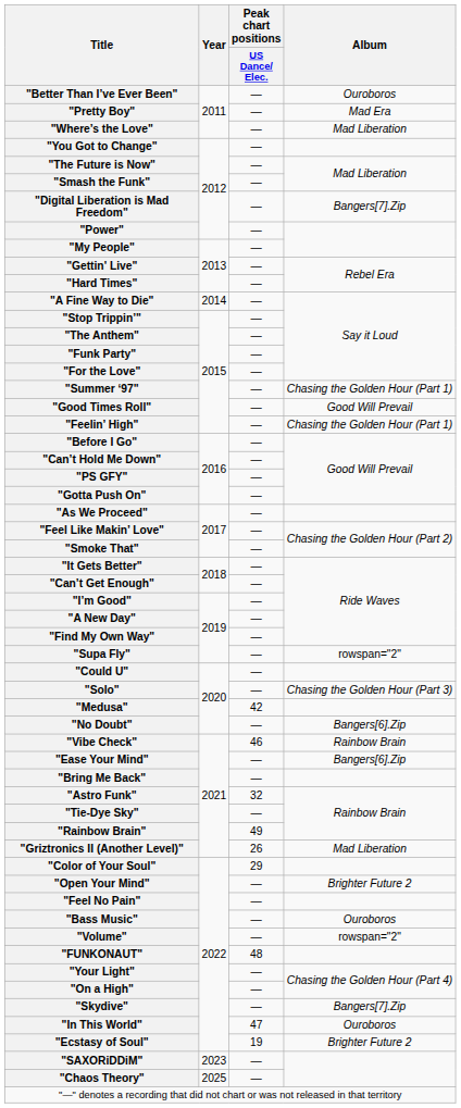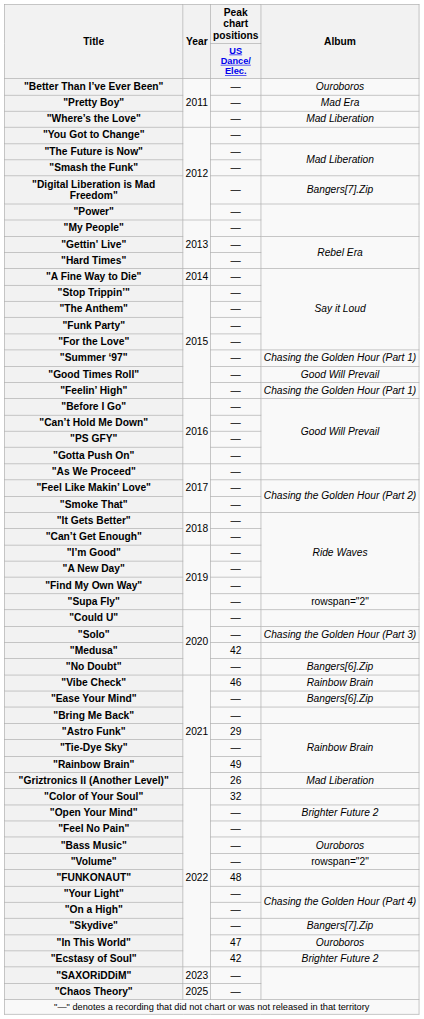 <table class="wikitable plainrowheaders" style="text-align:center;">
 <tr>
 <th scope="col" rowspan="2" style="width:17em;">Title</th>
 <th scope="col" rowspan="2" style="width:1em;">Year</th>
 <th scope="col" colspan="1">Peak chart positions</th>
 <th scope="col" rowspan="2" style="width:15em;">Album</th>
 </tr>
 <tr>
 <th scope="col" style="width:2.5em;font-size:90%;"><a href='#'>US<br>Dance/<br>Elec.</a><br></th>
 </tr>
 <tr>
 <th scope="row">"Better Than I’ve Ever Been"</th>
 <td rowspan="3">2011</td>
 <td>—</td>
 <td><em>Ouroboros</em></td>
 </tr>
 <tr>
 <th scope="row">"Pretty Boy"<br></th>
 <td>—</td>
 <td><em>Mad Era</em></td>
 </tr>
 <tr>
 <th scope="row">"Where’s the Love"</th>
 <td>—</td>
 <td><em>Mad Liberation</em></td>
 </tr>
 <tr>
 <th scope="row">"You Got to Change"</th>
 <td rowspan="5">2012</td>
 <td>—</td>
 <td></td>
 </tr>
 <tr>
 <th scope="row">"The Future is Now"</th>
 <td>—</td>
 <td rowspan="2"><em>Mad Liberation</em></td>
 </tr>
 <tr>
 <th scope="row">"Smash the Funk"</th>
 <td>—</td>
 </tr>
 <tr>
 <th scope="row">"Digital Liberation is Mad Freedom"<br></th>
 <td>—</td>
 <td><em>Bangers[7].Zip</em></td>
 </tr>
 <tr>
 <th scope="row">"Power"<br></th>
 <td>—</td>
 </tr>
 <tr>
 <th scope="row">"My People"<br></th>
 <td rowspan="3">2013</td>
 <td>—</td>
 </tr>
 <tr>
 <th scope="row">"Gettin' Live"</th>
 <td>—</td>
 <td rowspan="2"><em>Rebel Era</em></td>
 </tr>
 <tr>
 <th scope="row">"Hard Times"</th>
 <td>—</td>
 </tr>
 <tr>
 <th scope="row">"A Fine Way to Die"<br></th>
 <td>2014</td>
 <td>—</td>
 <td rowspan="5"><em>Say it Loud</em></td>
 </tr>
 <tr>
 <th scope="row">"Stop Trippin’"<br></th>
 <td rowspan="7">2015</td>
 <td>—</td>
 </tr>
 <tr>
 <th scope="row">"The Anthem"<br></th>
 <td>—</td>
 </tr>
 <tr>
 <th scope="row">"Funk Party"</th>
 <td>—</td>
 </tr>
 <tr>
 <th scope="row">"For the Love"<br></th>
 <td>—</td>
 </tr>
 <tr>
 <th scope="row">"Summer ‘97"<br></th>
 <td>—</td>
 <td><em>Chasing the Golden Hour (Part 1)</em></td>
 </tr>
 <tr>
 <th scope="row">"Good Times Roll"<br></th>
 <td>—</td>
 <td><em>Good Will Prevail</em></td>
 </tr>
 <tr>
 <th scope="row">"Feelin’ High"<br></th>
 <td>—</td>
 <td><em>Chasing the Golden Hour (Part 1)</em></td>
 </tr>
 <tr>
 <th scope="row">"Before I Go"<br></th>
 <td rowspan="4">2016</td>
 <td>—</td>
 <td rowspan="4"><em>Good Will Prevail</em></td>
 </tr>
 <tr>
 <th scope="row">"Can’t Hold Me Down"<br></th>
 <td>—</td>
 </tr>
 <tr>
 <th scope="row">"PS GFY"<br></th>
 <td>—</td>
 </tr>
 <tr>
 <th scope="row">"Gotta Push On"<br></th>
 <td>—</td>
 </tr>
 <tr>
 <th scope="row">"As We Proceed"<br></th>
 <td rowspan="3">2017</td>
 <td>—</td>
 <td></td>
 </tr>
 <tr>
 <th scope="row">"Feel Like Makin’ Love"<br></th>
 <td>—</td>
 <td rowspan="2"><em>Chasing the Golden Hour (Part 2)</em></td>
 </tr>
 <tr>
 <th scope="row">"Smoke That"<br></th>
 <td>—</td>
 </tr>
 <tr>
 <th scope="row">"It Gets Better"<br></th>
 <td rowspan="2">2018</td>
 <td>—</td>
 <td rowspan="5"><em>Ride Waves</em></td>
 </tr>
 <tr>
 <th scope="row">"Can’t Get Enough"</th>
 <td>—</td>
 </tr>
 <tr>
 <th scope="row">"I’m Good"</th>
 <td rowspan="4">2019</td>
 <td>—</td>
 </tr>
 <tr>
 <th scope="row">"A New Day"<br></th>
 <td>—</td>
 </tr>
 <tr>
 <th scope="row">"Find My Own Way"<br></th>
 <td>—</td>
 </tr>
 <tr>
 <th scope="row">"Supa Fly"<br></th>
 <td>—</td>
 <td>rowspan="2" </td>
 </tr>
 <tr>
 <th scope="row">"Could U"</th>
 <td rowspan="4">2020</td>
 <td>—</td>
 </tr>
 <tr>
 <th scope="row">"Solo"<br></th>
 <td>—</td>
 <td><em>Chasing the Golden Hour (Part 3)</em></td>
 </tr>
 <tr>
 <th scope="row">"Medusa"<br></th>
 <td>42</td>
 <td></td>
 </tr>
 <tr>
 <th scope="row">"No Doubt"<br></th>
 <td>—</td>
 <td><em>Bangers[6].Zip</em></td>
 </tr>
 <tr>
 <th scope="row">"Vibe Check"</th>
 <td rowspan="7">2021</td>
 <td>46</td>
 <td><em>Rainbow Brain</em></td>
 </tr>
 <tr>
 <th scope="row">"Ease Your Mind"<br></th>
 <td>—</td>
 <td><em>Bangers[6].Zip</em></td>
 </tr>
 <tr>
 <th scope="row">"Bring Me Back"<br></th>
 <td>—</td>
 </tr>
 <tr>
 <th scope="row">"Astro Funk"</th>
-<td>32</td>
+<td>29</td>
 <td rowspan="3"><em>Rainbow Brain</em></td>
 </tr>
 <tr>
 <th scope="row">"Tie-Dye Sky"</th>
 <td>—</td>
 </tr>
 <tr>
 <th scope="row">"Rainbow Brain"<br></th>
 <td>49</td>
 </tr>
 <tr>
 <th scope="row">"Griztronics II (Another Level)"<br></th>
 <td>26</td>
 <td><em>Mad Liberation</em></td>
 </tr>
 <tr>
 <th scope="row">"Color of Your Soul"<br></th>
 <td rowspan="11">2022</td>
-<td>29</td>
+<td>32</td>
 <td></td>
 </tr>
 <tr>
 <th scope="row">"Open Your Mind"<br></th>
 <td>—</td>
 <td><em>Brighter Future 2</em></td>
 </tr>
 <tr>
 <th scope="row">"Feel No Pain"</th>
 <td>—</td>
 <td></td>
 </tr>
 <tr>
 <th scope="row">"Bass Music"<br></th>
 <td>—</td>
 <td><em>Ouroboros</em></td>
 </tr>
 <tr>
 <th scope="row">"Volume"<br></th>
 <td>—</td>
 <td>rowspan="2" </td>
 </tr>
 <tr>
 <th scope="row">"FUNKONAUT"<br></th>
 <td>48</td>
 </tr>
 <tr>
 <th scope="row">"Your Light"</th>
 <td>—</td>
 <td rowspan="2"><em>Chasing the Golden Hour (Part 4)</em></td>
 </tr>
 <tr>
 <th scope="row">"On a High"</th>
 <td>—</td>
 </tr>
 <tr>
 <th scope="row">"Skydive"<br></th>
 <td>—</td>
 <td><em>Bangers[7].Zip</em></td>
 </tr>
 <tr>
 <th scope="row">"In This World"</th>
 <td>47</td>
 <td><em>Ouroboros</em></td>
 </tr>
 <tr>
 <th scope="row">"Ecstasy of Soul"<br></th>
-<td>19</td>
+<td>42</td>
 <td><em>Brighter Future 2</em></td>
 </tr>
 <tr>
 <th scope="row">"SAXORiDDiM"</th>
 <td>2023</td>
 <td>—</td>
 </tr>
 <tr>
 <th scope="row">"Chaos Theory"<br></th>
 <td>2025</td>
 <td>—</td>
 </tr>
 <tr>
 <td colspan="10" style="font-size:90%">"—" denotes a recording that did not chart or was not released in that territory</td>
 </tr>
 </table>
